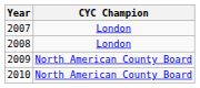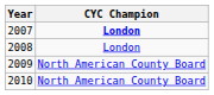 <table class="wikitable" style="text-align: center;">
 <tr>
 <th>Year</th>
 <th>CYC Champion</th>
 </tr>
 <tr>
 <td>2007</td>
-<td><a href='#'>London</a></td>
+<td><strong><a href='#'>London</a></strong></td>
 </tr>
 <tr>
 <td>2008</td>
 <td><a href='#'>London</a></td>
 </tr>
 <tr>
 <td>2009</td>
 <td><a href='#'>North American County Board</a></td>
 </tr>
 <tr>
 <td>2010</td>
 <td><a href='#'>North American County Board</a></td>
 </tr>
 </table>
